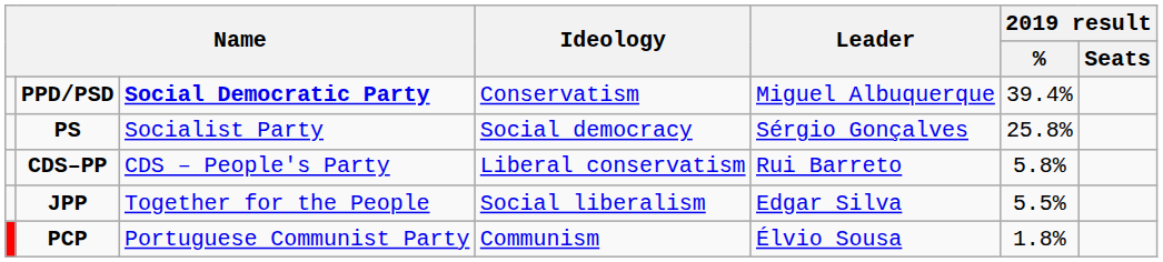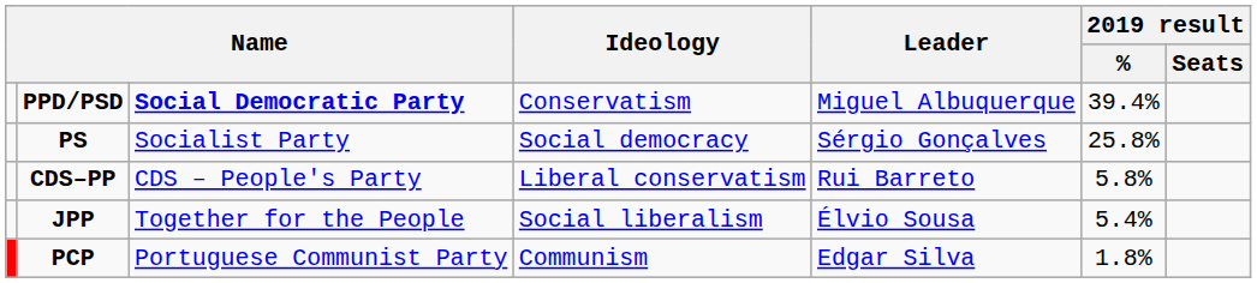 <table class="wikitable">
 <tr>
 <th rowspan="2" colspan="3">Name</th>
 <th rowspan="2">Ideology</th>
 <th rowspan="2">Leader</th>
 <th colspan="2">2019 result</th>
 </tr>
 <tr>
 <th>%</th>
 <th>Seats</th>
 </tr>
 <tr>
 <td style="color:inherit;background:"></td>
 <td style="text-align:center;"><strong>PPD/PSD</strong></td>
 <td><strong><a href='#'>Social Democratic Party</a><br></strong></td>
 <td><a href='#'>Conservatism</a></td>
 <td><a href='#'>Miguel Albuquerque</a></td>
 <td style="text-align:center;">39.4%</td>
 <td></td>
 </tr>
 <tr>
 <td style="color:inherit;background:"></td>
 <td style="text-align:center;"><strong>PS</strong></td>
 <td><a href='#'>Socialist Party</a><br></td>
 <td><a href='#'>Social democracy</a></td>
 <td><a href='#'>Sérgio Gonçalves</a></td>
 <td style="text-align:center;">25.8%</td>
 <td></td>
 </tr>
 <tr>
 <td style="color:inherit;background:"></td>
 <td style="text-align:center;"><strong>CDS–PP</strong></td>
 <td><a href='#'>CDS – People's Party</a><br></td>
 <td><a href='#'>Liberal conservatism</a></td>
 <td><a href='#'>Rui Barreto</a></td>
 <td style="text-align:center;">5.8%</td>
 <td></td>
 </tr>
 <tr>
 <td style="color:inherit;background:"></td>
 <td style="text-align:center;"><strong>JPP</strong></td>
 <td><a href='#'>Together for the People</a><br></td>
 <td><a href='#'>Social liberalism</a></td>
-<td><a href='#'>Edgar Silva</a></td>
-<td style="text-align:center;">5.5%</td>
+<td><a href='#'>Élvio Sousa</a></td>
+<td style="text-align:center;">5.4%</td>
 <td></td>
 </tr>
 <tr>
 <td style="background:#FF0000;"></td>
 <td style="text-align:center;"><strong>PCP</strong></td>
 <td><a href='#'>Portuguese Communist Party</a><br></td>
 <td><a href='#'>Communism</a></td>
-<td><a href='#'>Élvio Sousa</a></td>
+<td><a href='#'>Edgar Silva</a></td>
 <td style="text-align:center;">1.8%<br></td>
 <td></td>
 </tr>
 </table>
